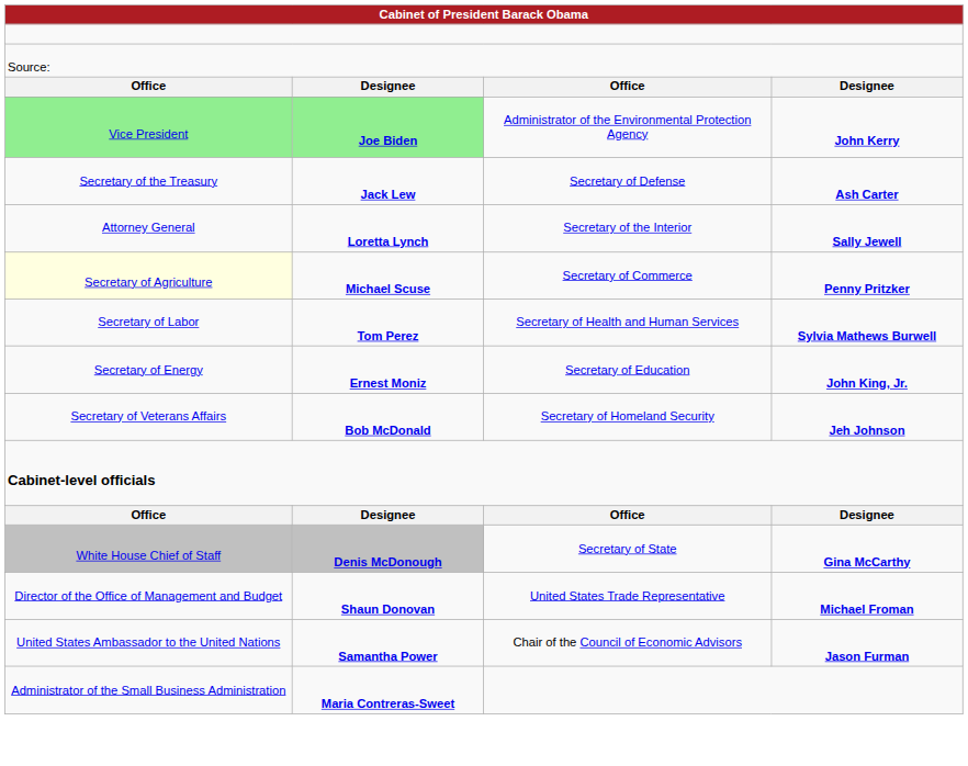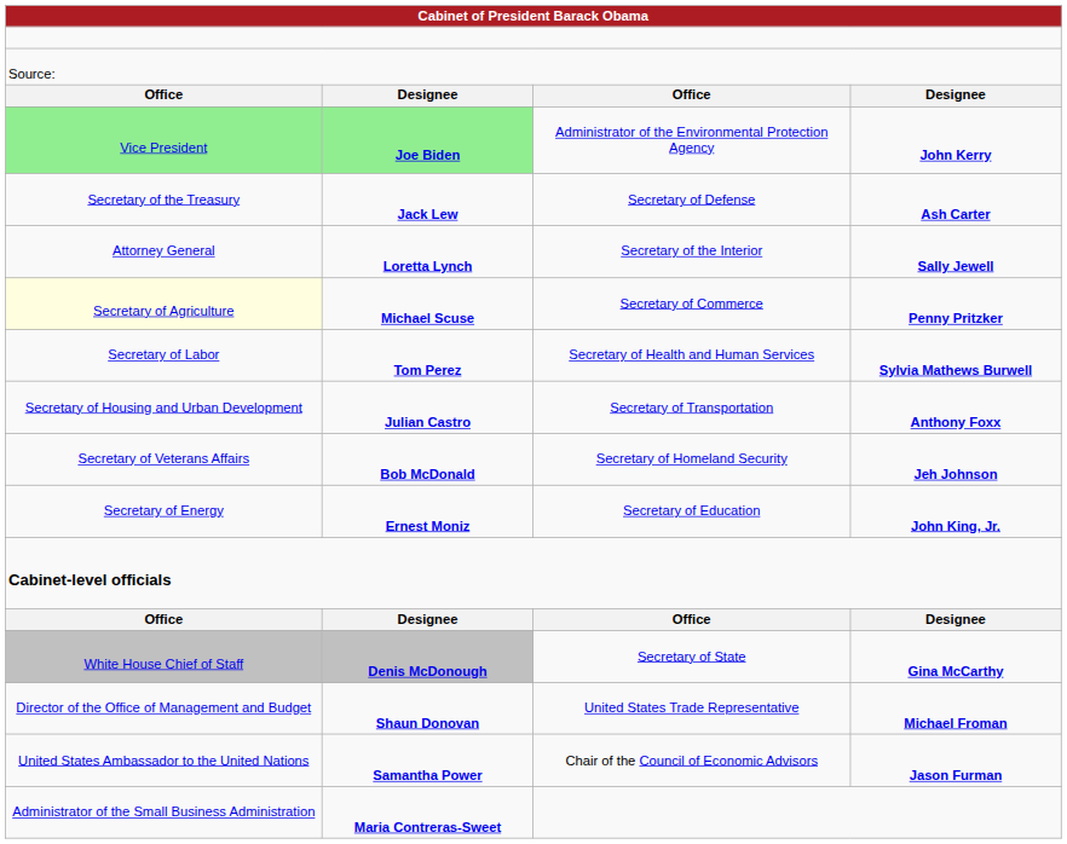 <table class="wikitable" style="text-align:center">
 <tr>
 <th colspan=4 style="text-align:center; font-size:100%; color:white; background:#AE1C23;"><strong>Cabinet of President Barack Obama</strong></th>
 </tr>
 <tr>
 <td colspan=4 style="text-align:left"><br>  </td>
 </tr>
 <tr>
 <td colspan=4 style="text-align:left"><br>Source:</td>
 </tr>
 <tr>
 <th scope="col" style="width: 30%;">Office<br></th>
 <th scope="col" style="width: 20%;">Designee</th>
 <th scope="col" style="width: 30%;">Office<br></th>
 <th scope="col" style="width: 20%;">Designee</th>
 </tr>
 <tr>
 <td style="background: #90EE90;"><br><a href='#'>Vice President</a><br></td>
 <td style="background: #90EE90;"><br><br><strong><a href='#'>Joe Biden</a></strong><br></td>
 <td><br><a href='#'>Administrator of the Environmental Protection Agency</a><br><br></td>
 <td><br><br><strong><a href='#'>John Kerry</a></strong><br></td>
 </tr>
 <tr>
 <td><br><a href='#'>Secretary of the Treasury</a><br><br></td>
 <td><br><br><strong><a href='#'>Jack Lew</a></strong><br></td>
 <td><br><a href='#'>Secretary of Defense</a><br><br></td>
 <td><br><br><strong><a href='#'>Ash Carter</a></strong><br></td>
 </tr>
 <tr>
 <td><br><a href='#'>Attorney General</a><br><br></td>
 <td><br><br><strong><a href='#'>Loretta Lynch</a></strong><br></td>
 <td><br><a href='#'>Secretary of the Interior</a><br><br></td>
 <td><br><br><strong><a href='#'>Sally Jewell</a></strong><br></td>
 </tr>
 <tr>
 <td style="background: lightyellow;"><br><a href='#'>Secretary of Agriculture</a><br></td>
 <td><br><br><strong><a href='#'>Michael Scuse</a></strong><br></td>
 <td><br><a href='#'>Secretary of Commerce</a><br><br></td>
 <td><br><br><strong><a href='#'>Penny Pritzker</a></strong><br></td>
 </tr>
 <tr>
 <td><br><a href='#'>Secretary of Labor</a><br><br></td>
 <td><br><br><strong><a href='#'>Tom Perez</a></strong><br></td>
 <td><br><a href='#'>Secretary of Health and Human Services</a><br><br></td>
 <td><br><br><strong><a href='#'>Sylvia Mathews Burwell</a></strong><br></td>
 </tr>
 <tr>
-<td><br><a href='#'>Secretary of Energy</a><br><br></td>
-<td><br><br><strong><a href='#'>Ernest Moniz</a></strong><br></td>
-<td><br><a href='#'>Secretary of Education</a><br><br></td>
-<td><br><br><strong><a href='#'>John King, Jr.</a></strong><br></td>
+<td><br><a href='#'>Secretary of Housing and Urban Development</a><br><br></td>
+<td><br><br><strong><a href='#'>Julian Castro</a></strong><br></td>
+<td><br><a href='#'>Secretary of Transportation</a><br><br></td>
+<td><br><br><strong><a href='#'>Anthony Foxx</a></strong><br></td>
 </tr>
 <tr>
 <td><br><a href='#'>Secretary of Veterans Affairs</a><br><br></td>
 <td><br><br><strong><a href='#'>Bob McDonald</a></strong><br></td>
 <td><br><a href='#'>Secretary of Homeland Security</a><br><br></td>
 <td><br><br><strong><a href='#'>Jeh Johnson</a></strong><br></td>
+</tr>
+<tr>
+<td><br><a href='#'>Secretary of Energy</a><br><br></td>
+<td><br><br><strong><a href='#'>Ernest Moniz</a></strong><br></td>
+<td><br><a href='#'>Secretary of Education</a><br><br></td>
+<td><br><br><strong><a href='#'>John King, Jr.</a></strong><br></td>
 </tr>
 <tr>
 <td colspan="4" style="text-align:left"><br><h3>Cabinet-level officials</h3></td>
 </tr>
 <tr>
 <th>Office<br></th>
 <th>Designee</th>
 <th>Office<br></th>
 <th>Designee</th>
 </tr>
 <tr>
 <td style="background:#C0C0C0;"><br><a href='#'>White House Chief of Staff</a><br></td>
 <td style="background:#C0C0C0;"><br><br><strong><a href='#'>Denis McDonough</a></strong><br></td>
 <td><br><a href='#'>Secretary of State</a><br><br></td>
 <td><br><br><strong><a href='#'>Gina McCarthy</a></strong><br></td>
 </tr>
 <tr>
 <td><br><a href='#'>Director of the Office of Management and Budget</a><br><br></td>
 <td><br><br><strong><a href='#'>Shaun Donovan</a></strong><br></td>
 <td><br><a href='#'>United States Trade Representative</a><br><br></td>
 <td><br><br><strong><a href='#'>Michael Froman</a></strong><br></td>
 </tr>
 <tr>
 <td><br><a href='#'>United States Ambassador to the United Nations</a><br><br></td>
 <td><br><br><strong><a href='#'>Samantha Power</a></strong><br></td>
 <td><br>Chair of the <a href='#'>Council of Economic Advisors</a><br><br></td>
 <td><br><br><strong><a href='#'>Jason Furman</a></strong><br></td>
 </tr>
 <tr>
 <td><br><a href='#'>Administrator of the Small Business Administration</a><br><br></td>
 <td><br><br><strong><a href='#'>Maria Contreras-Sweet</a></strong><br></td>
 <td colspan="2"></td>
 </tr>
 </table>
